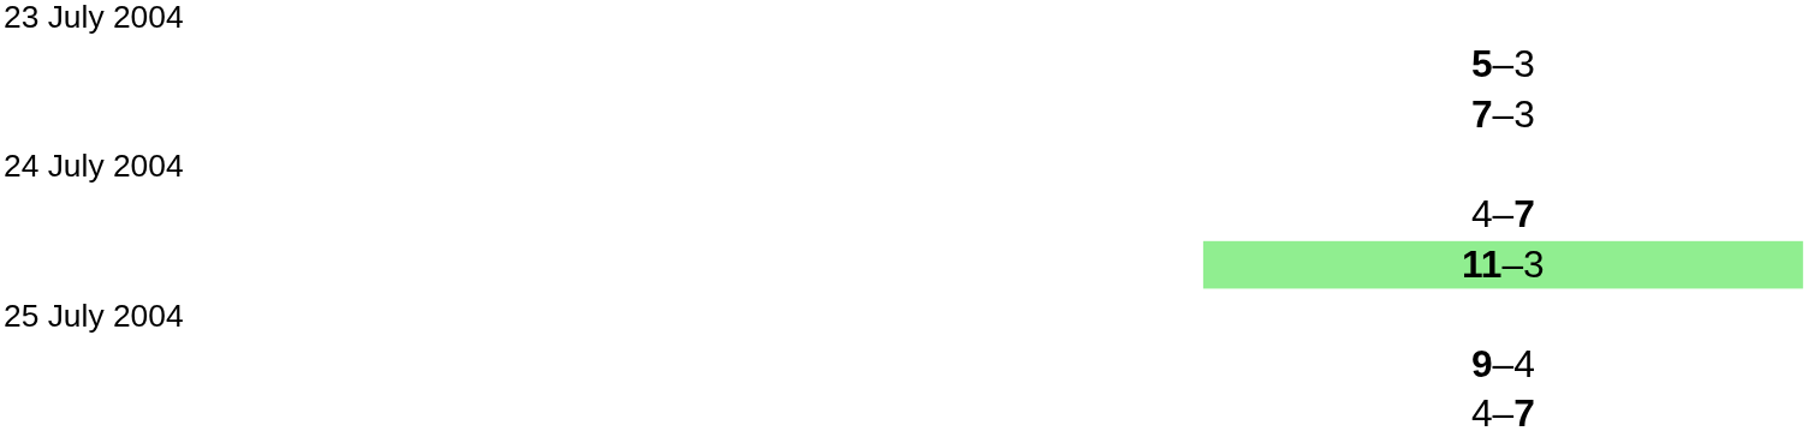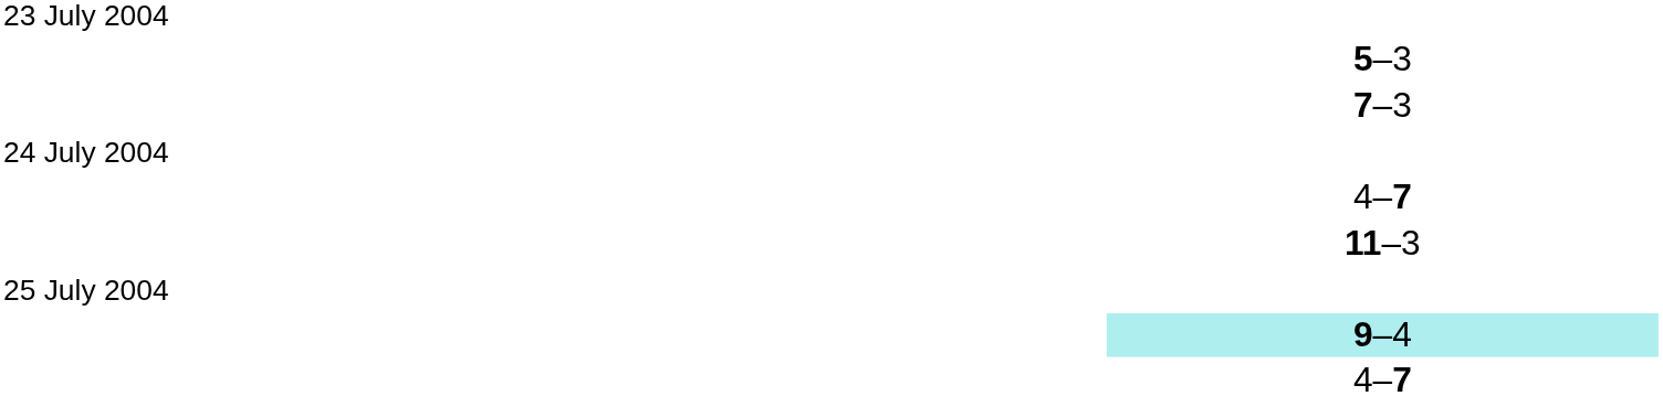 <table width=100% cellspacing=1>
 <tr>
 <th width=40%></th>
 <th width=20%></th>
 <th></th>
 </tr>
 <tr>
 <td><small>23 July 2004</small></td>
 </tr>
 <tr>
 <td align=right><strong></strong></td>
 <td align=center><strong>5</strong>–3</td>
 <td></td>
 </tr>
 <tr>
 <td align=right><strong></strong></td>
 <td align=center><strong>7</strong>–3</td>
 <td></td>
 </tr>
 <tr>
 <td><small>24 July 2004</small></td>
 </tr>
 <tr>
 <td align=right></td>
 <td align=center>4–<strong>7</strong></td>
 <td><strong></strong></td>
 </tr>
 <tr>
 <td align=right><strong></strong></td>
-<td align=center style="background: lightgreen;"><strong>11</strong>–3</td>
+<td align=center><strong>11</strong>–3</td>
 <td></td>
 </tr>
 <tr>
 <td><small>25 July 2004</small></td>
 </tr>
 <tr>
 <td align=right><strong></strong></td>
-<td align=center><strong>9</strong>–4</td>
+<td align=center style="background: paleturquoise;"><strong>9</strong>–4</td>
 <td></td>
 </tr>
 <tr>
 <td align=right></td>
 <td align=center>4–<strong>7</strong></td>
 <td><strong></strong></td>
 </tr>
 </table>
